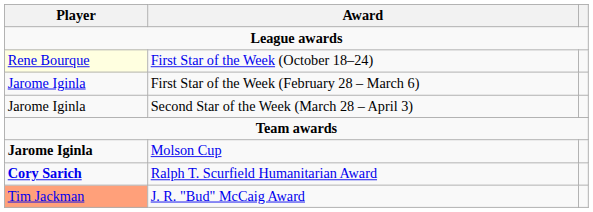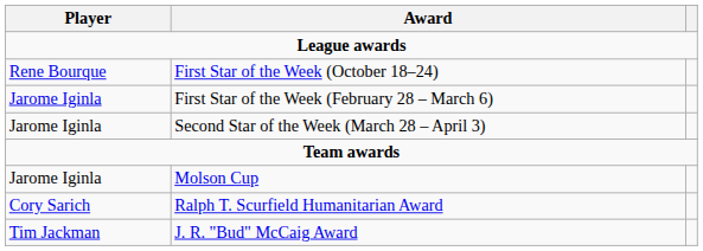 <table class="wikitable" style="width:52%;">
 <tr>
 <th>Player</th>
 <th>Award</th>
 <th></th>
 </tr>
 <tr>
 <td colspan="4" style="text-align:center;"><strong>League awards</strong></td>
 </tr>
 <tr>
-<td style="background: lightyellow;"><a href='#'>Rene Bourque</a></td>
+<td><a href='#'>Rene Bourque</a></td>
 <td><a href='#'>First Star of the Week</a> (October 18–24)</td>
 <td></td>
 </tr>
 <tr>
 <td><a href='#'>Jarome Iginla</a></td>
 <td>First Star of the Week (February 28 – March 6)</td>
 <td></td>
 </tr>
 <tr>
 <td>Jarome Iginla</td>
 <td>Second Star of the Week (March 28 – April 3)</td>
 <td></td>
 </tr>
 <tr>
 <td colspan="4" style="text-align:center;"><strong>Team awards</strong></td>
 </tr>
 <tr>
-<td><strong>Jarome Iginla</strong></td>
+<td>Jarome Iginla</td>
 <td><a href='#'>Molson Cup</a></td>
 <td></td>
 </tr>
 <tr>
-<td><strong><a href='#'>Cory Sarich</a></strong></td>
+<td><a href='#'>Cory Sarich</a></td>
 <td><a href='#'>Ralph T. Scurfield Humanitarian Award</a></td>
 <td></td>
 </tr>
 <tr>
-<td style="background: lightsalmon;"><a href='#'>Tim Jackman</a></td>
+<td><a href='#'>Tim Jackman</a></td>
 <td><a href='#'>J. R. "Bud" McCaig Award</a></td>
 <td></td>
 </tr>
 </table>
